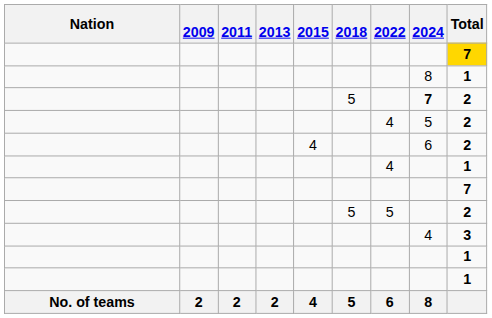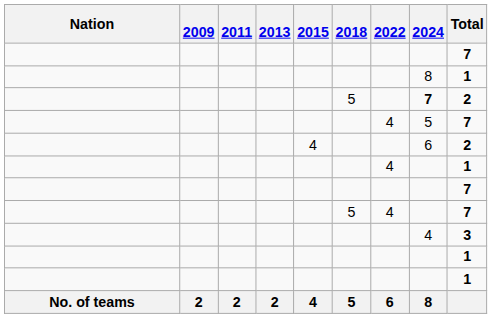 <table class="wikitable" style="text-align:center; font-size:90%">
 <tr>
 <th width=170>Nation</th>
 <th><br><a href='#'>2009</a></th>
 <th><br><a href='#'>2011</a></th>
 <th><br><a href='#'>2013</a></th>
 <th><br><a href='#'>2015</a></th>
 <th><br><a href='#'>2018</a></th>
 <th><br><a href='#'>2022</a></th>
 <th><br><a href='#'>2024</a></th>
 <th>Total</th>
 </tr>
 <tr>
 <td align=left></td>
 <td></td>
 <td></td>
 <td></td>
 <td></td>
 <td></td>
 <td></td>
 <td></td>
-<td style="background: gold;"><strong>7</strong></td>
+<td><strong>7</strong></td>
 </tr>
 <tr>
 <td align=left></td>
 <td></td>
 <td></td>
 <td></td>
 <td></td>
 <td></td>
 <td></td>
 <td>8</td>
 <td><strong>1</strong></td>
 </tr>
 <tr>
 <td align=left></td>
 <td></td>
 <td></td>
 <td></td>
 <td></td>
 <td>5</td>
 <td></td>
 <td><strong>7</strong></td>
 <td><strong>2</strong></td>
 </tr>
 <tr>
 <td align=left></td>
 <td></td>
 <td></td>
 <td></td>
 <td></td>
 <td></td>
 <td>4</td>
 <td>5</td>
-<td><strong>2</strong></td>
+<td><strong>7</strong></td>
 </tr>
 <tr>
 <td align=left></td>
 <td></td>
 <td></td>
 <td></td>
 <td>4</td>
 <td></td>
 <td></td>
 <td>6</td>
 <td><strong>2</strong></td>
 </tr>
 <tr>
 <td align=left></td>
 <td></td>
 <td></td>
 <td></td>
 <td></td>
 <td></td>
 <td>4</td>
 <td></td>
 <td><strong>1</strong></td>
 </tr>
 <tr>
 <td align=left></td>
 <td></td>
 <td></td>
 <td></td>
 <td></td>
 <td></td>
 <td></td>
 <td></td>
 <td><strong>7</strong></td>
 </tr>
 <tr>
 <td align=left></td>
 <td></td>
 <td></td>
 <td></td>
 <td></td>
 <td>5</td>
-<td>5</td>
+<td>4</td>
 <td></td>
-<td><strong>2</strong></td>
+<td><strong>7</strong></td>
 </tr>
 <tr>
 <td align=left></td>
 <td></td>
 <td></td>
 <td></td>
 <td></td>
 <td></td>
 <td></td>
 <td>4</td>
 <td><strong>3</strong></td>
 </tr>
 <tr>
 <td align=left></td>
 <td></td>
 <td></td>
 <td></td>
 <td></td>
 <td></td>
 <td></td>
 <td></td>
 <td><strong>1</strong></td>
 </tr>
 <tr>
 <td align=left></td>
 <td></td>
 <td></td>
 <td></td>
 <td></td>
 <td></td>
 <td></td>
 <td></td>
 <td><strong>1</strong></td>
 </tr>
 <tr>
 <th>No. of teams</th>
 <th>2</th>
 <th>2</th>
 <th>2</th>
 <th>4</th>
 <th>5</th>
 <th>6</th>
 <th>8</th>
 <th></th>
 </tr>
 </table>
